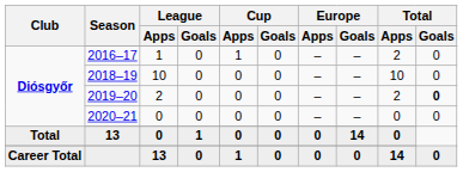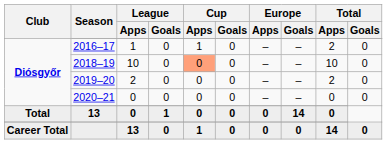 <table class="wikitable" style="font-size:90%; text-align: center;">
 <tr>
 <th rowspan="2">Club</th>
 <th rowspan="2">Season</th>
 <th colspan="2">League</th>
 <th colspan="2">Cup</th>
 <th colspan="2">Europe</th>
 <th colspan="2">Total</th>
 </tr>
 <tr>
 <th>Apps</th>
 <th>Goals</th>
 <th>Apps</th>
 <th>Goals</th>
 <th>Apps</th>
 <th>Goals</th>
 <th>Apps</th>
 <th>Goals</th>
 </tr>
 <tr ||-||-||-|->
 <td rowspan="6" valign="center"><strong><a href='#'>Diósgyőr</a></strong></td>
 </tr>
 <tr>
 <td><a href='#'>2016–17</a></td>
 <td>1</td>
 <td>0</td>
 <td>1</td>
 <td>0</td>
 <td>–</td>
 <td>–</td>
 <td>2</td>
 <td>0</td>
 </tr>
 <tr>
 <td><a href='#'>2018–19</a></td>
 <td>10</td>
 <td>0</td>
-<td>0</td>
+<td style="background: lightsalmon;">0</td>
 <td>0</td>
 <td>–</td>
 <td>–</td>
 <td>10</td>
 <td>0</td>
 </tr>
 <tr>
 <td><a href='#'>2019–20</a></td>
 <td>2</td>
 <td>0</td>
 <td>0</td>
 <td>0</td>
 <td>–</td>
 <td>–</td>
 <td>2</td>
-<td><strong>0</strong></td>
+<td>0</td>
 </tr>
 <tr>
 <td><a href='#'>2020–21</a></td>
 <td>0</td>
 <td>0</td>
 <td>0</td>
 <td>0</td>
 <td>–</td>
 <td>–</td>
 <td>0</td>
 <td>0</td>
 </tr>
 <tr>
 </tr>
 <tr style="font-weight:bold; background-color:#eeeeee;">
 <td>Total</td>
 <td>13</td>
 <td>0</td>
 <td>1</td>
 <td>0</td>
 <td>0</td>
 <td>0</td>
 <td>14</td>
 <td>0</td>
 </tr>
 <tr>
 </tr>
 <tr style="font-weight:bold; background-color:#eeeeee;">
 <td rowspan="2" valign="top"><strong>Career Total</strong></td>
 <td></td>
 <td><strong>13</strong></td>
 <td><strong>0</strong></td>
 <td><strong>1</strong></td>
 <td><strong>0</strong></td>
 <td><strong>0</strong></td>
 <td><strong>0</strong></td>
 <td><strong>14</strong></td>
 <td><strong>0</strong></td>
 </tr>
 </table>
